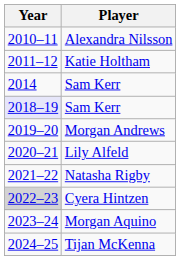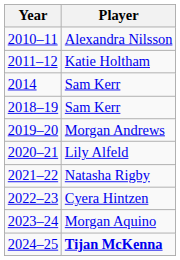 <table class="wikitable">
 <tr>
 <th>Year</th>
 <th>Player</th>
 </tr>
 <tr>
 <td><a href='#'>2010–11</a></td>
 <td> <a href='#'>Alexandra Nilsson</a></td>
 </tr>
 <tr>
 <td><a href='#'>2011–12</a></td>
 <td> <a href='#'>Katie Holtham</a></td>
 </tr>
 <tr>
 <td><a href='#'>2014</a></td>
 <td> <a href='#'>Sam Kerr</a></td>
 </tr>
 <tr>
-<td style="background: lavender;"><a href='#'>2018–19</a></td>
+<td><a href='#'>2018–19</a></td>
 <td> <a href='#'>Sam Kerr</a></td>
 </tr>
 <tr>
 <td><a href='#'>2019–20</a></td>
 <td> <a href='#'>Morgan Andrews</a></td>
 </tr>
 <tr>
 <td><a href='#'>2020–21</a></td>
 <td> <a href='#'>Lily Alfeld</a></td>
 </tr>
 <tr>
 <td><a href='#'>2021–22</a></td>
 <td> <a href='#'>Natasha Rigby</a></td>
 </tr>
 <tr>
-<td style="background: lightgrey;"><a href='#'>2022–23</a></td>
+<td><a href='#'>2022–23</a></td>
 <td> <a href='#'>Cyera Hintzen</a></td>
 </tr>
 <tr>
 <td><a href='#'>2023–24</a></td>
 <td> <a href='#'>Morgan Aquino</a></td>
 </tr>
 <tr>
 <td><a href='#'>2024–25</a></td>
-<td> <a href='#'>Tijan McKenna</a></td>
+<td><strong> <a href='#'>Tijan McKenna</a></strong></td>
 </tr>
 </table>
